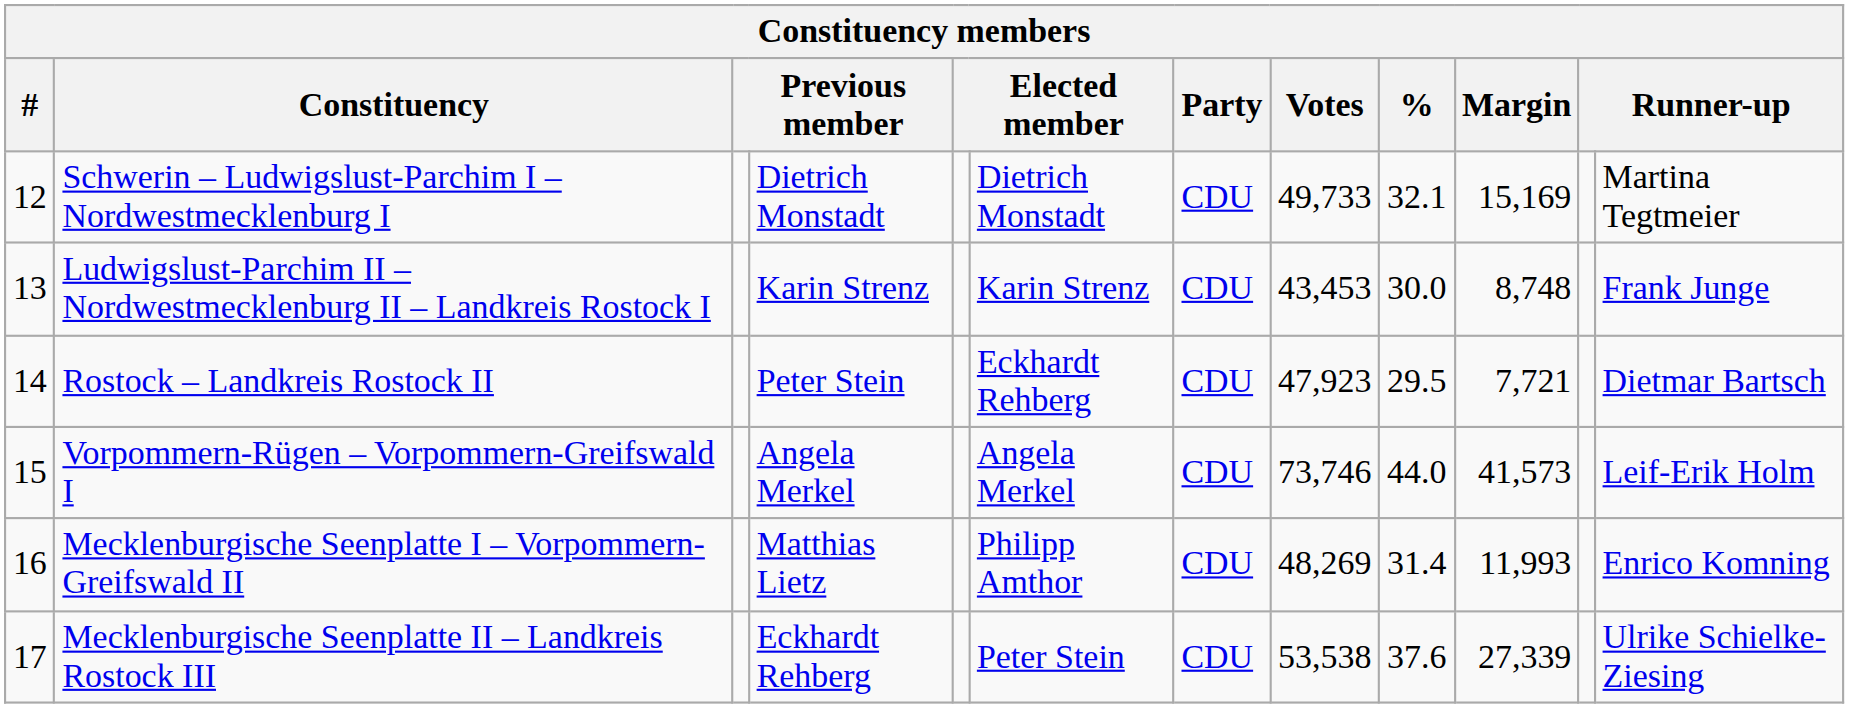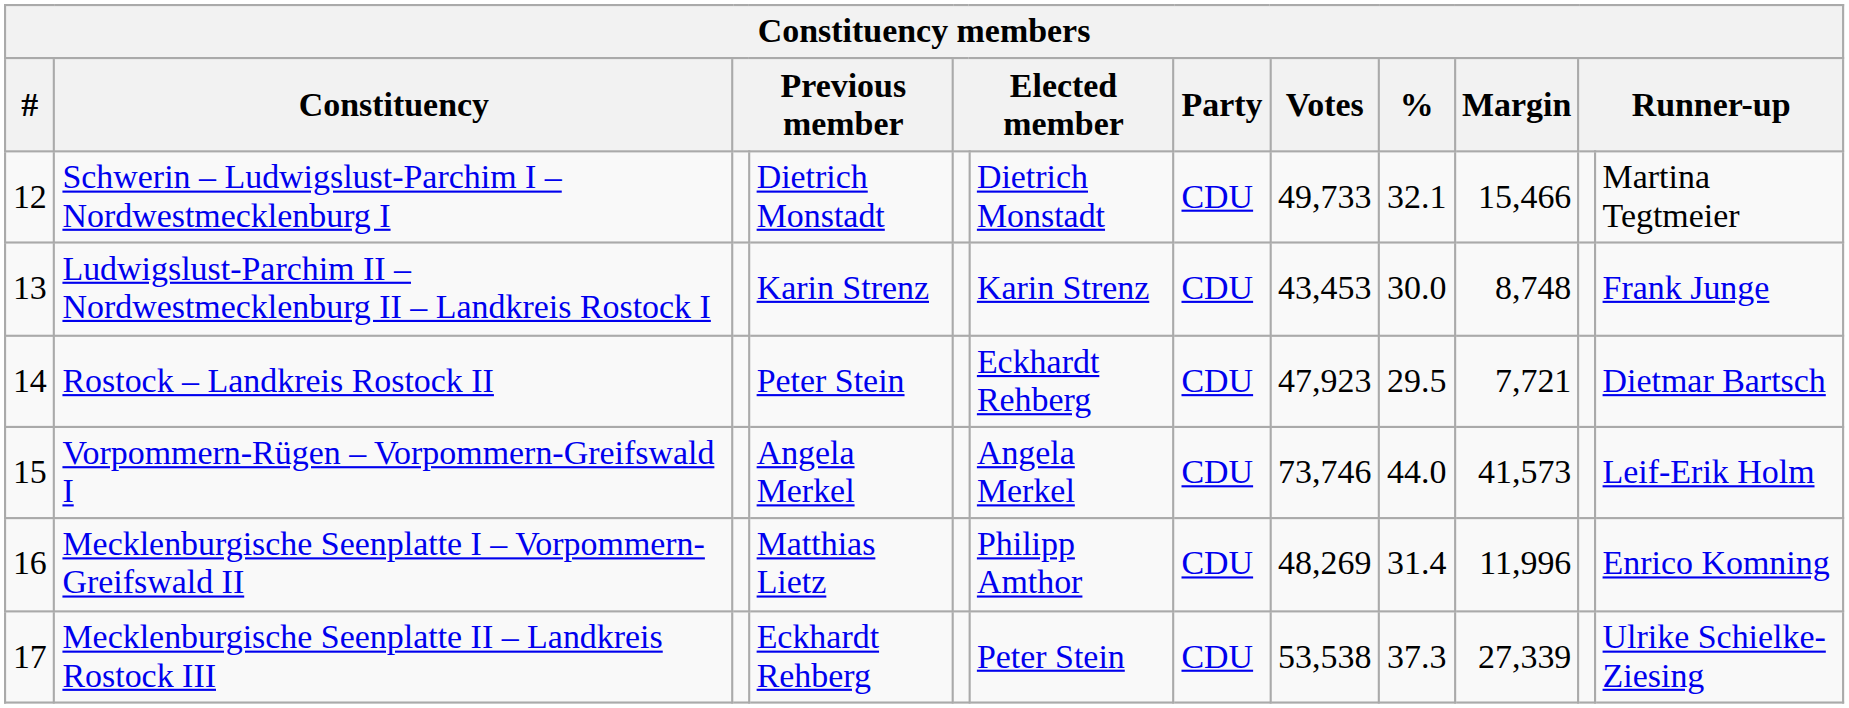 <table class="wikitable sortable" style="text-align:right">
 <tr>
 <th colspan="12">Constituency members</th>
 </tr>
 <tr>
 <th>#</th>
 <th>Constituency</th>
 <th colspan="2">Previous member</th>
 <th colspan="2">Elected member</th>
 <th>Party</th>
 <th>Votes</th>
 <th>%</th>
 <th>Margin</th>
 <th colspan="2">Runner-up</th>
 </tr>
 <tr>
 <td>12</td>
 <td align=left><a href='#'>Schwerin – Ludwigslust-Parchim I – Nordwestmecklenburg I</a></td>
 <td bgcolor=></td>
 <td align=left><a href='#'>Dietrich Monstadt</a></td>
 <td bgcolor=></td>
 <td align=left><a href='#'>Dietrich Monstadt</a></td>
 <td align=left><a href='#'>CDU</a></td>
 <td>49,733</td>
 <td>32.1</td>
-<td>15,169</td>
+<td>15,466</td>
 <td bgcolor=></td>
 <td align=left>Martina Tegtmeier</td>
 </tr>
 <tr>
 <td>13</td>
 <td align=left><a href='#'>Ludwigslust-Parchim II – Nordwestmecklenburg II – Landkreis Rostock I</a></td>
 <td bgcolor=></td>
 <td align=left><a href='#'>Karin Strenz</a></td>
 <td bgcolor=></td>
 <td align=left><a href='#'>Karin Strenz</a></td>
 <td align=left><a href='#'>CDU</a></td>
 <td>43,453</td>
 <td>30.0</td>
 <td>8,748</td>
 <td bgcolor=></td>
 <td align=left><a href='#'>Frank Junge</a></td>
 </tr>
 <tr>
 <td>14</td>
 <td align=left><a href='#'>Rostock – Landkreis Rostock II</a></td>
 <td bgcolor=></td>
 <td align=left><a href='#'>Peter Stein</a></td>
 <td bgcolor=></td>
 <td align=left><a href='#'>Eckhardt Rehberg</a></td>
 <td align=left><a href='#'>CDU</a></td>
 <td>47,923</td>
 <td>29.5</td>
 <td>7,721</td>
 <td bgcolor=></td>
 <td align=left><a href='#'>Dietmar Bartsch</a></td>
 </tr>
 <tr>
 <td>15</td>
 <td align=left><a href='#'>Vorpommern-Rügen – Vorpommern-Greifswald I</a></td>
 <td bgcolor=></td>
 <td align=left><a href='#'>Angela Merkel</a></td>
 <td bgcolor=></td>
 <td align=left><a href='#'>Angela Merkel</a></td>
 <td align=left><a href='#'>CDU</a></td>
 <td>73,746</td>
 <td>44.0</td>
 <td>41,573</td>
 <td bgcolor=></td>
 <td align=left><a href='#'>Leif-Erik Holm</a></td>
 </tr>
 <tr>
 <td>16</td>
 <td align=left><a href='#'>Mecklenburgische Seenplatte I – Vorpommern-Greifswald II</a></td>
 <td bgcolor=></td>
 <td align=left><a href='#'>Matthias Lietz</a></td>
 <td></td>
 <td align=left><a href='#'>Philipp Amthor</a></td>
 <td align=left><a href='#'>CDU</a></td>
 <td>48,269</td>
 <td>31.4</td>
-<td>11,993</td>
+<td>11,996</td>
 <td bgcolor=></td>
 <td align=left><a href='#'>Enrico Komning</a></td>
 </tr>
 <tr>
 <td>17</td>
 <td align=left><a href='#'>Mecklenburgische Seenplatte II – Landkreis Rostock III</a></td>
 <td bgcolor=></td>
 <td align=left><a href='#'>Eckhardt Rehberg</a></td>
 <td bgcolor=></td>
 <td align=left><a href='#'>Peter Stein</a></td>
 <td align=left><a href='#'>CDU</a></td>
 <td>53,538</td>
-<td>37.6</td>
+<td>37.3</td>
 <td>27,339</td>
 <td bgcolor=></td>
 <td align=left><a href='#'>Ulrike Schielke-Ziesing</a></td>
 </tr>
 </table>
